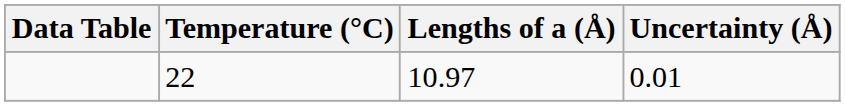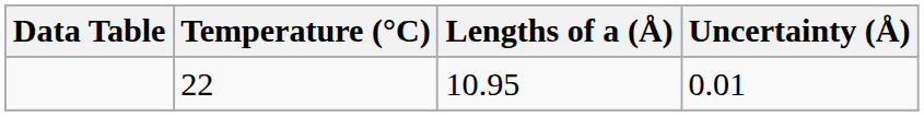 <table class="wikitable">
 <tr>
 <th>Data Table</th>
 <th>Temperature (°C)</th>
 <th>Lengths of a (Å)</th>
 <th>Uncertainty (Å)</th>
 </tr>
 <tr>
 <td></td>
 <td>22</td>
-<td>10.97</td>
+<td>10.95</td>
 <td>0.01</td>
 </tr>
 </table>
